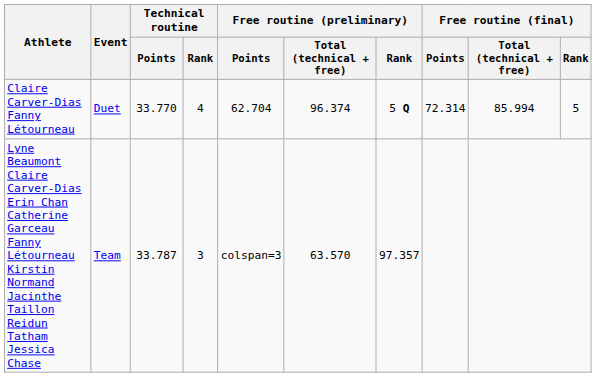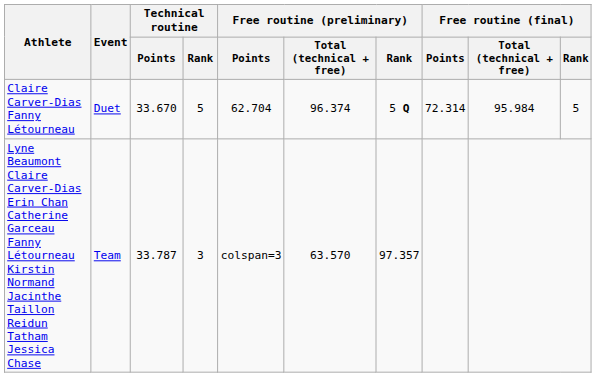 <table class="wikitable" style="font-size:90%">
 <tr>
 <th rowspan=2>Athlete</th>
 <th rowspan=2>Event</th>
 <th colspan=2>Technical routine</th>
 <th colspan=3>Free routine (preliminary)</th>
 <th colspan=3>Free routine (final)</th>
 </tr>
 <tr style="font-size:95%">
 <th>Points</th>
 <th>Rank</th>
 <th>Points</th>
 <th>Total (technical + free)</th>
 <th>Rank</th>
 <th>Points</th>
 <th>Total (technical + free)</th>
 <th>Rank</th>
 </tr>
 <tr align=center>
 <td align=left><a href='#'>Claire Carver-Dias</a><br><a href='#'>Fanny Létourneau</a></td>
 <td align=left><a href='#'>Duet</a></td>
-<td>33.770</td>
-<td>4</td>
+<td>33.670</td>
+<td>5</td>
 <td>62.704</td>
 <td>96.374</td>
 <td>5 <strong>Q</strong></td>
 <td>72.314</td>
-<td>85.994</td>
+<td>95.984</td>
 <td>5</td>
 </tr>
 <tr align=center>
 <td align=left><a href='#'>Lyne Beaumont</a><br><a href='#'>Claire Carver-Dias</a><br><a href='#'>Erin Chan</a><br><a href='#'>Catherine Garceau</a><br><a href='#'>Fanny Létourneau</a><br><a href='#'>Kirstin Normand</a><br><a href='#'>Jacinthe Taillon</a><br><a href='#'>Reidun Tatham</a><br><a href='#'>Jessica Chase</a></td>
 <td align=left><a href='#'>Team</a></td>
 <td>33.787</td>
 <td>3</td>
 <td>colspan=3 </td>
 <td>63.570</td>
 <td>97.357</td>
 <td></td>
 </tr>
 </table>
